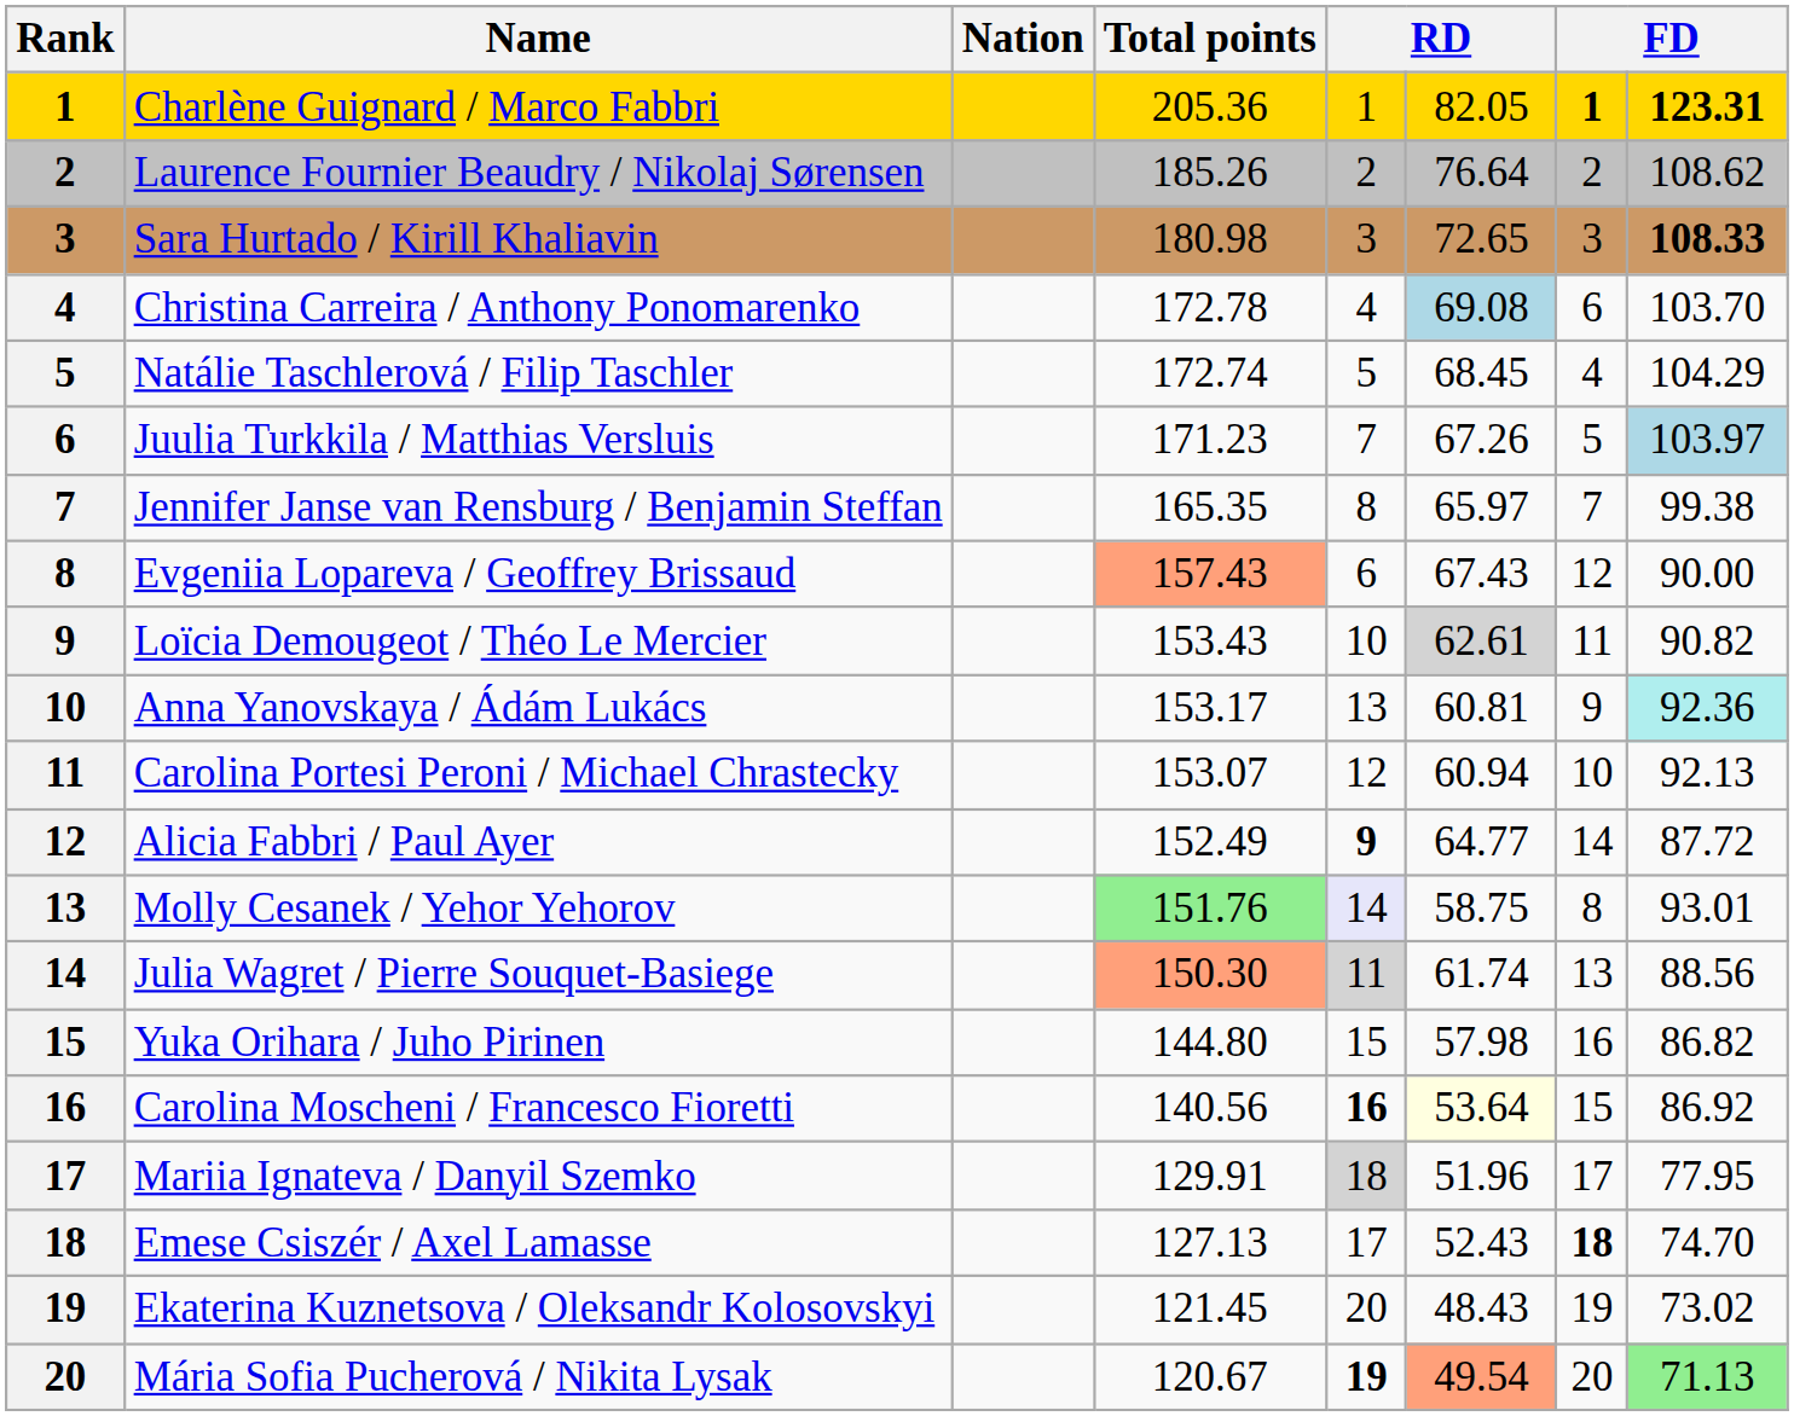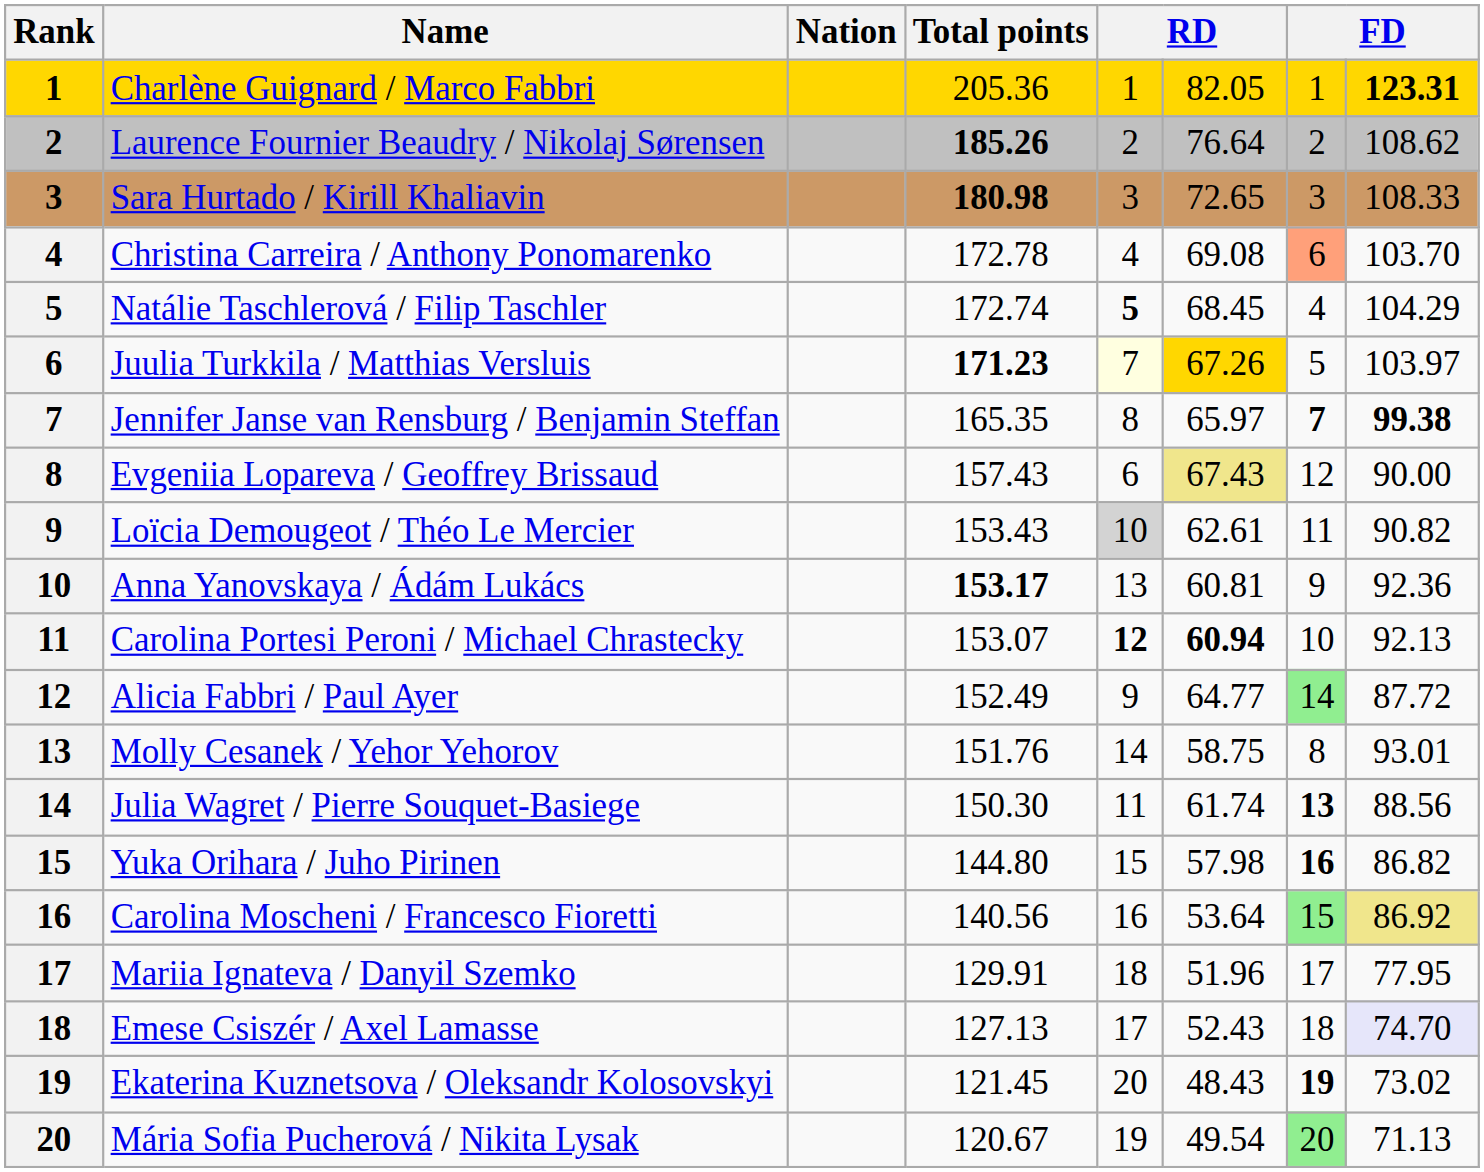 <table class="wikitable sortable">
 <tr>
 <th>Rank</th>
 <th>Name</th>
 <th>Nation</th>
 <th>Total points</th>
 <th colspan="2" width="80px"><a href='#'>RD</a></th>
 <th colspan="2" width="80px"><a href='#'>FD</a></th>
 </tr>
 <tr bgcolor="gold">
 <td align="center"><strong>1</strong></td>
 <td><a href='#'>Charlène Guignard</a> / <a href='#'>Marco Fabbri</a></td>
 <td></td>
 <td align="center">205.36</td>
 <td align="center">1</td>
 <td align="center">82.05</td>
-<td align="center"><strong>1</strong></td>
+<td align="center">1</td>
 <td align="center"><strong>123.31</strong></td>
 </tr>
 <tr bgcolor="silver">
 <td align="center"><strong>2</strong></td>
 <td><a href='#'>Laurence Fournier Beaudry</a> / <a href='#'>Nikolaj Sørensen</a></td>
 <td></td>
-<td align="center">185.26</td>
+<td align="center"><strong>185.26</strong></td>
 <td align="center">2</td>
 <td align="center">76.64</td>
 <td align="center">2</td>
 <td align="center">108.62</td>
 </tr>
 <tr bgcolor="cc9966">
 <td align="center"><strong>3</strong></td>
 <td><a href='#'>Sara Hurtado</a> / <a href='#'>Kirill Khaliavin</a></td>
 <td></td>
-<td align="center">180.98</td>
+<td align="center"><strong>180.98</strong></td>
 <td align="center">3</td>
 <td align="center">72.65</td>
 <td align="center">3</td>
-<td align="center"><strong>108.33</strong></td>
+<td align="center">108.33</td>
 </tr>
 <tr>
 <th>4</th>
 <td><a href='#'>Christina Carreira</a> / <a href='#'>Anthony Ponomarenko</a></td>
 <td></td>
 <td align="center">172.78</td>
 <td align="center">4</td>
-<td align="center" style="background: lightblue;">69.08</td>
-<td align="center">6</td>
+<td align="center">69.08</td>
+<td align="center" style="background: lightsalmon;">6</td>
 <td align="center">103.70</td>
 </tr>
 <tr>
 <th>5</th>
 <td><a href='#'>Natálie Taschlerová</a> / <a href='#'>Filip Taschler</a></td>
 <td></td>
 <td align="center">172.74</td>
-<td align="center">5</td>
+<td align="center"><strong>5</strong></td>
 <td align="center">68.45</td>
 <td align="center">4</td>
 <td align="center">104.29</td>
 </tr>
 <tr>
 <th>6</th>
 <td><a href='#'>Juulia Turkkila</a> / <a href='#'>Matthias Versluis</a></td>
 <td></td>
-<td align="center">171.23</td>
-<td align="center">7</td>
-<td align="center">67.26</td>
+<td align="center"><strong>171.23</strong></td>
+<td align="center" style="background: lightyellow;">7</td>
+<td align="center" style="background: gold;">67.26</td>
 <td align="center">5</td>
-<td align="center" style="background: lightblue;">103.97</td>
+<td align="center">103.97</td>
 </tr>
 <tr>
 <th>7</th>
 <td><a href='#'>Jennifer Janse van Rensburg</a> / <a href='#'>Benjamin Steffan</a></td>
 <td></td>
 <td align="center">165.35</td>
 <td align="center">8</td>
 <td align="center">65.97</td>
-<td align="center">7</td>
-<td align="center">99.38</td>
+<td align="center"><strong>7</strong></td>
+<td align="center"><strong>99.38</strong></td>
 </tr>
 <tr>
 <th>8</th>
 <td><a href='#'>Evgeniia Lopareva</a> / <a href='#'>Geoffrey Brissaud</a></td>
 <td></td>
-<td align="center" style="background: lightsalmon;">157.43</td>
+<td align="center">157.43</td>
 <td align="center">6</td>
-<td align="center">67.43</td>
+<td align="center" style="background: khaki;">67.43</td>
 <td align="center">12</td>
 <td align="center">90.00</td>
 </tr>
 <tr>
 <th>9</th>
 <td><a href='#'>Loïcia Demougeot</a> / <a href='#'>Théo Le Mercier</a></td>
 <td></td>
 <td align="center">153.43</td>
-<td align="center">10</td>
-<td align="center" style="background: lightgrey;">62.61</td>
+<td align="center" style="background: lightgrey;">10</td>
+<td align="center">62.61</td>
 <td align="center">11</td>
 <td align="center">90.82</td>
 </tr>
 <tr>
 <th>10</th>
 <td><a href='#'>Anna Yanovskaya</a> / <a href='#'>Ádám Lukács</a></td>
 <td></td>
-<td align="center">153.17</td>
+<td align="center"><strong>153.17</strong></td>
 <td align="center">13</td>
 <td align="center">60.81</td>
 <td align="center">9</td>
-<td align="center" style="background: paleturquoise;">92.36</td>
+<td align="center">92.36</td>
 </tr>
 <tr>
 <th>11</th>
 <td><a href='#'>Carolina Portesi Peroni</a> / <a href='#'>Michael Chrastecky</a></td>
 <td></td>
 <td align="center">153.07</td>
-<td align="center">12</td>
-<td align="center">60.94</td>
+<td align="center"><strong>12</strong></td>
+<td align="center"><strong>60.94</strong></td>
 <td align="center">10</td>
 <td align="center">92.13</td>
 </tr>
 <tr>
 <th>12</th>
 <td><a href='#'>Alicia Fabbri</a> / <a href='#'>Paul Ayer</a></td>
 <td></td>
 <td align="center">152.49</td>
-<td align="center"><strong>9</strong></td>
+<td align="center">9</td>
 <td align="center">64.77</td>
-<td align="center">14</td>
+<td align="center" style="background: lightgreen;">14</td>
 <td align="center">87.72</td>
 </tr>
 <tr>
 <th>13</th>
 <td><a href='#'>Molly Cesanek</a> / <a href='#'>Yehor Yehorov</a></td>
 <td></td>
-<td align="center" style="background: lightgreen;">151.76</td>
-<td align="center" style="background: lavender;">14</td>
+<td align="center">151.76</td>
+<td align="center">14</td>
 <td align="center">58.75</td>
 <td align="center">8</td>
 <td align="center">93.01</td>
 </tr>
 <tr>
 <th>14</th>
 <td><a href='#'>Julia Wagret</a> / <a href='#'>Pierre Souquet-Basiege</a></td>
 <td></td>
-<td align="center" style="background: lightsalmon;">150.30</td>
-<td align="center" style="background: lightgrey;">11</td>
+<td align="center">150.30</td>
+<td align="center">11</td>
 <td align="center">61.74</td>
-<td align="center">13</td>
+<td align="center"><strong>13</strong></td>
 <td align="center">88.56</td>
 </tr>
 <tr>
 <th>15</th>
 <td><a href='#'>Yuka Orihara</a> / <a href='#'>Juho Pirinen</a></td>
 <td></td>
 <td align="center">144.80</td>
 <td align="center">15</td>
 <td align="center">57.98</td>
-<td align="center">16</td>
+<td align="center"><strong>16</strong></td>
 <td align="center">86.82</td>
 </tr>
 <tr>
 <th>16</th>
 <td><a href='#'>Carolina Moscheni</a> / <a href='#'>Francesco Fioretti</a></td>
 <td></td>
 <td align="center">140.56</td>
-<td align="center"><strong>16</strong></td>
-<td align="center" style="background: lightyellow;">53.64</td>
-<td align="center">15</td>
-<td align="center">86.92</td>
+<td align="center">16</td>
+<td align="center">53.64</td>
+<td align="center" style="background: lightgreen;">15</td>
+<td align="center" style="background: khaki;">86.92</td>
 </tr>
 <tr>
 <th>17</th>
 <td><a href='#'>Mariia Ignateva</a> / <a href='#'>Danyil Szemko</a></td>
 <td></td>
 <td align="center">129.91</td>
-<td align="center" style="background: lightgrey;">18</td>
+<td align="center">18</td>
 <td align="center">51.96</td>
 <td align="center">17</td>
 <td align="center">77.95</td>
 </tr>
 <tr>
 <th>18</th>
 <td><a href='#'>Emese Csiszér</a> / <a href='#'>Axel Lamasse</a></td>
 <td></td>
 <td align="center">127.13</td>
 <td align="center">17</td>
 <td align="center">52.43</td>
-<td align="center"><strong>18</strong></td>
-<td align="center">74.70</td>
+<td align="center">18</td>
+<td align="center" style="background: lavender;">74.70</td>
 </tr>
 <tr>
 <th>19</th>
 <td><a href='#'>Ekaterina Kuznetsova</a> / <a href='#'>Oleksandr Kolosovskyi</a></td>
 <td></td>
 <td align="center">121.45</td>
 <td align="center">20</td>
 <td align="center">48.43</td>
-<td align="center">19</td>
+<td align="center"><strong>19</strong></td>
 <td align="center">73.02</td>
 </tr>
 <tr>
 <th>20</th>
 <td><a href='#'>Mária Sofia Pucherová</a> / <a href='#'>Nikita Lysak</a></td>
 <td></td>
 <td align="center">120.67</td>
-<td align="center"><strong>19</strong></td>
-<td align="center" style="background: lightsalmon;">49.54</td>
-<td align="center">20</td>
-<td align="center" style="background: lightgreen;">71.13</td>
+<td align="center">19</td>
+<td align="center">49.54</td>
+<td align="center" style="background: lightgreen;">20</td>
+<td align="center">71.13</td>
 </tr>
 </table>
